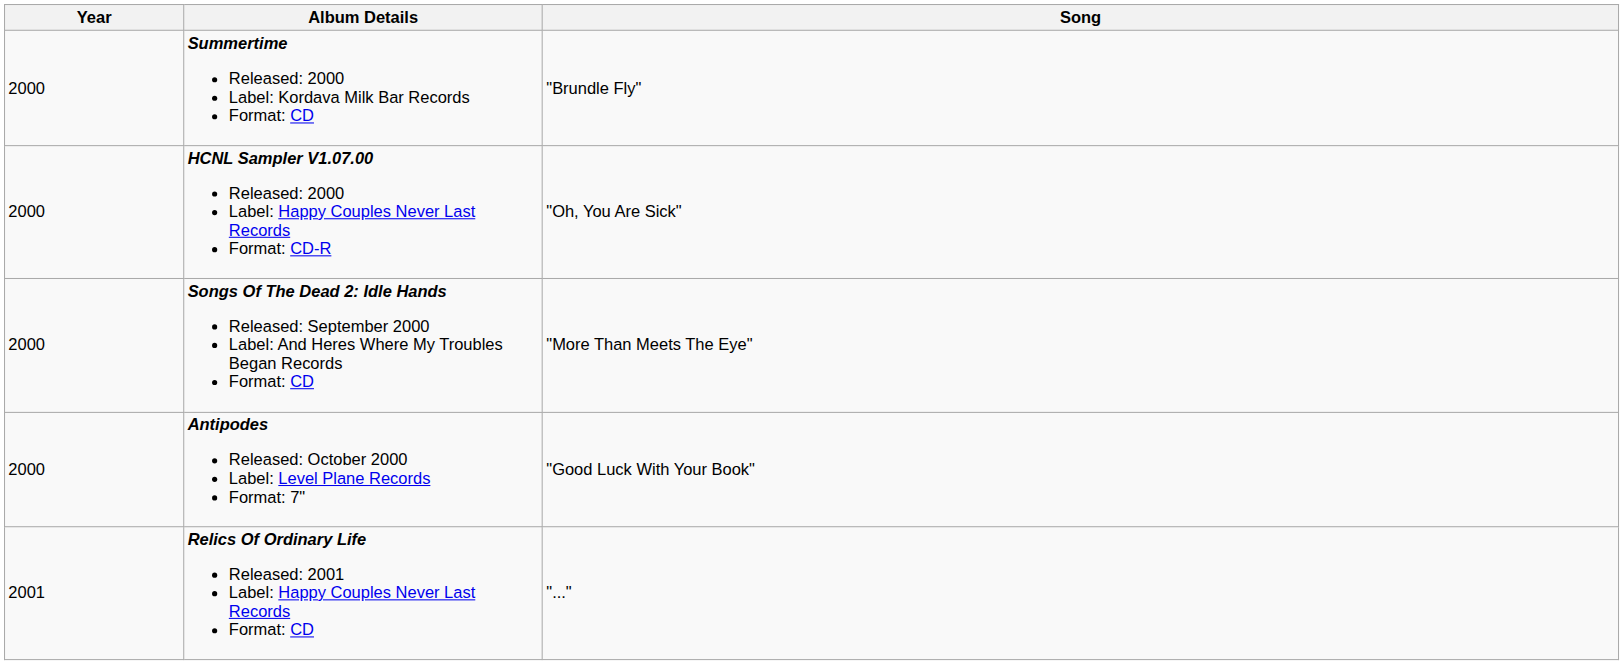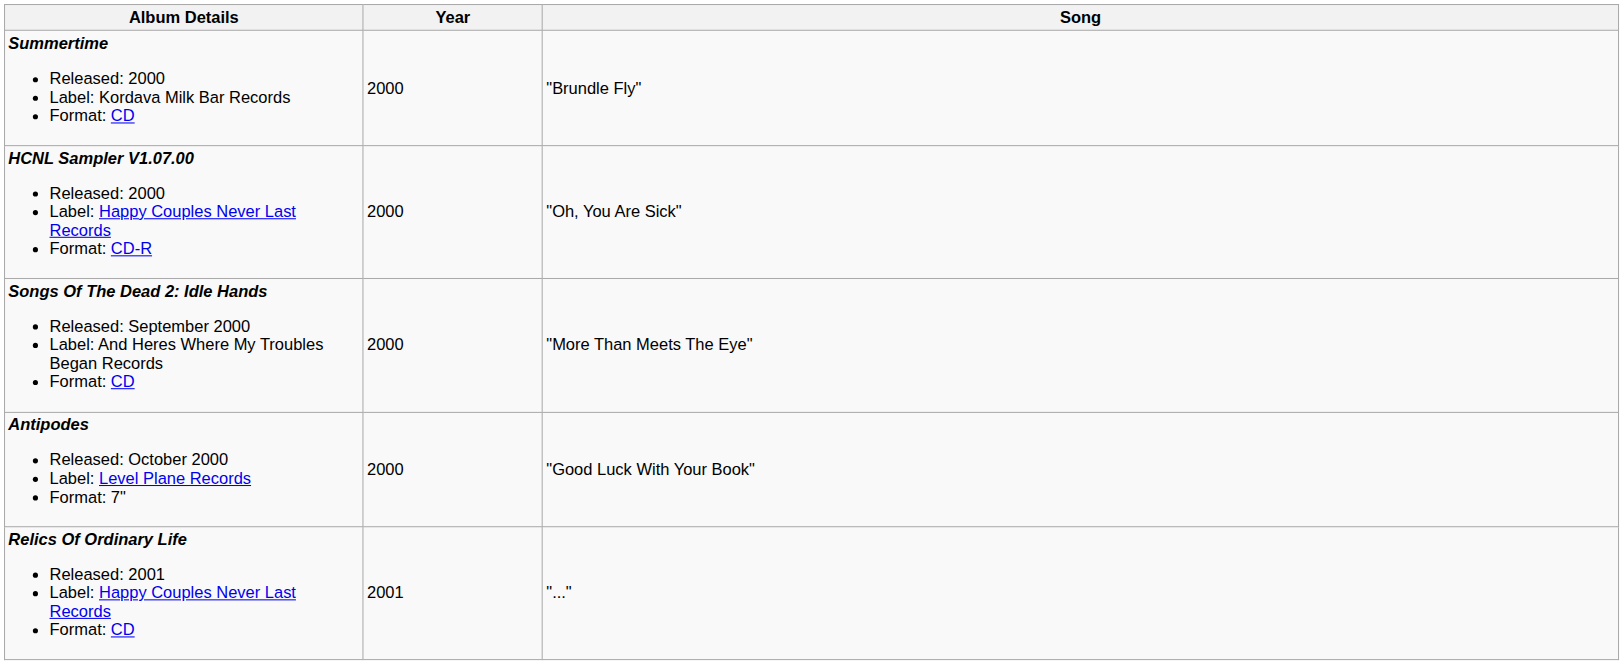 <table class ="wikitable">
 <tr>
+<th style="width:10%">Album Details</th>
 <th style="width: 5%">Year</th>
-<th style="width:10%">Album Details</th>
 <th style="width:30%">Song</th>
 </tr>
 <tr>
+<td><strong><em>Summertime</em></strong><br><ul><li>Released: 2000</li><li>Label: Kordava Milk Bar Records</li><li>Format: <a href='#'>CD</a></li></ul></td>
 <td>2000</td>
-<td><strong><em>Summertime</em></strong><br><ul><li>Released: 2000</li><li>Label: Kordava Milk Bar Records</li><li>Format: <a href='#'>CD</a></li></ul></td>
 <td>"Brundle Fly"</td>
 </tr>
 <tr>
+<td><strong><em>HCNL Sampler V1.07.00</em></strong><br><ul><li>Released: 2000</li><li>Label: <a href='#'>Happy Couples Never Last Records</a></li><li>Format: <a href='#'>CD-R</a></li></ul></td>
 <td>2000</td>
-<td><strong><em>HCNL Sampler V1.07.00</em></strong><br><ul><li>Released: 2000</li><li>Label: <a href='#'>Happy Couples Never Last Records</a></li><li>Format: <a href='#'>CD-R</a></li></ul></td>
 <td>"Oh, You Are Sick"</td>
 </tr>
 <tr>
+<td><strong><em>Songs Of The Dead 2: Idle Hands</em></strong><br><ul><li>Released: September 2000</li><li>Label: And Heres Where My Troubles Began Records</li><li>Format: <a href='#'>CD</a></li></ul></td>
 <td>2000</td>
-<td><strong><em>Songs Of The Dead 2: Idle Hands</em></strong><br><ul><li>Released: September 2000</li><li>Label: And Heres Where My Troubles Began Records</li><li>Format: <a href='#'>CD</a></li></ul></td>
 <td>"More Than Meets The Eye"</td>
 </tr>
 <tr>
+<td><strong><em>Antipodes</em></strong><br><ul><li>Released: October 2000</li><li>Label: <a href='#'>Level Plane Records</a></li><li>Format: 7"</li></ul></td>
 <td>2000</td>
-<td><strong><em>Antipodes</em></strong><br><ul><li>Released: October 2000</li><li>Label: <a href='#'>Level Plane Records</a></li><li>Format: 7"</li></ul></td>
 <td>"Good Luck With Your Book"</td>
 </tr>
 <tr>
+<td><strong><em>Relics Of Ordinary Life</em></strong><br><ul><li>Released: 2001</li><li>Label: <a href='#'>Happy Couples Never Last Records</a></li><li>Format: <a href='#'>CD</a></li></ul></td>
 <td>2001</td>
-<td><strong><em>Relics Of Ordinary Life</em></strong><br><ul><li>Released: 2001</li><li>Label: <a href='#'>Happy Couples Never Last Records</a></li><li>Format: <a href='#'>CD</a></li></ul></td>
 <td>"..."</td>
 </tr>
 </table>
